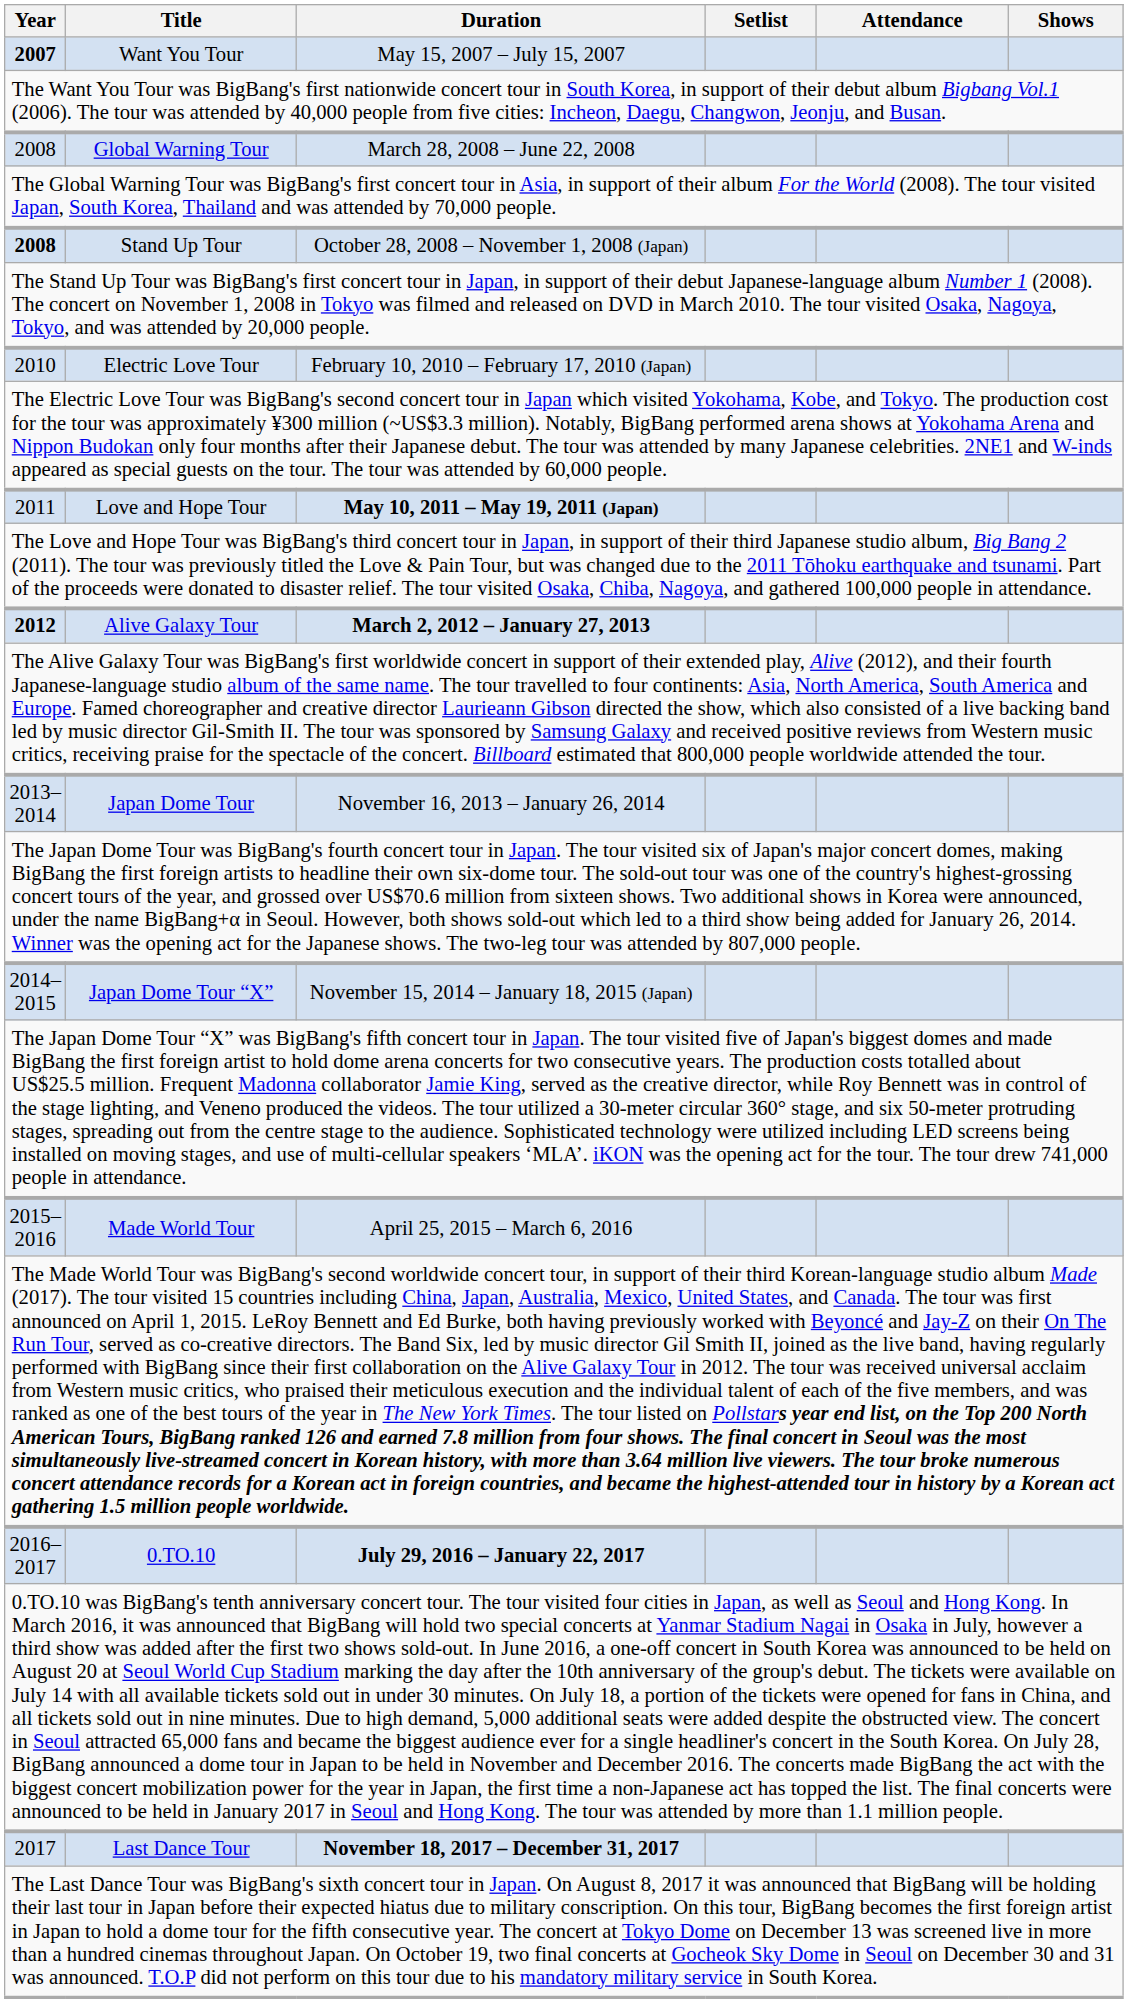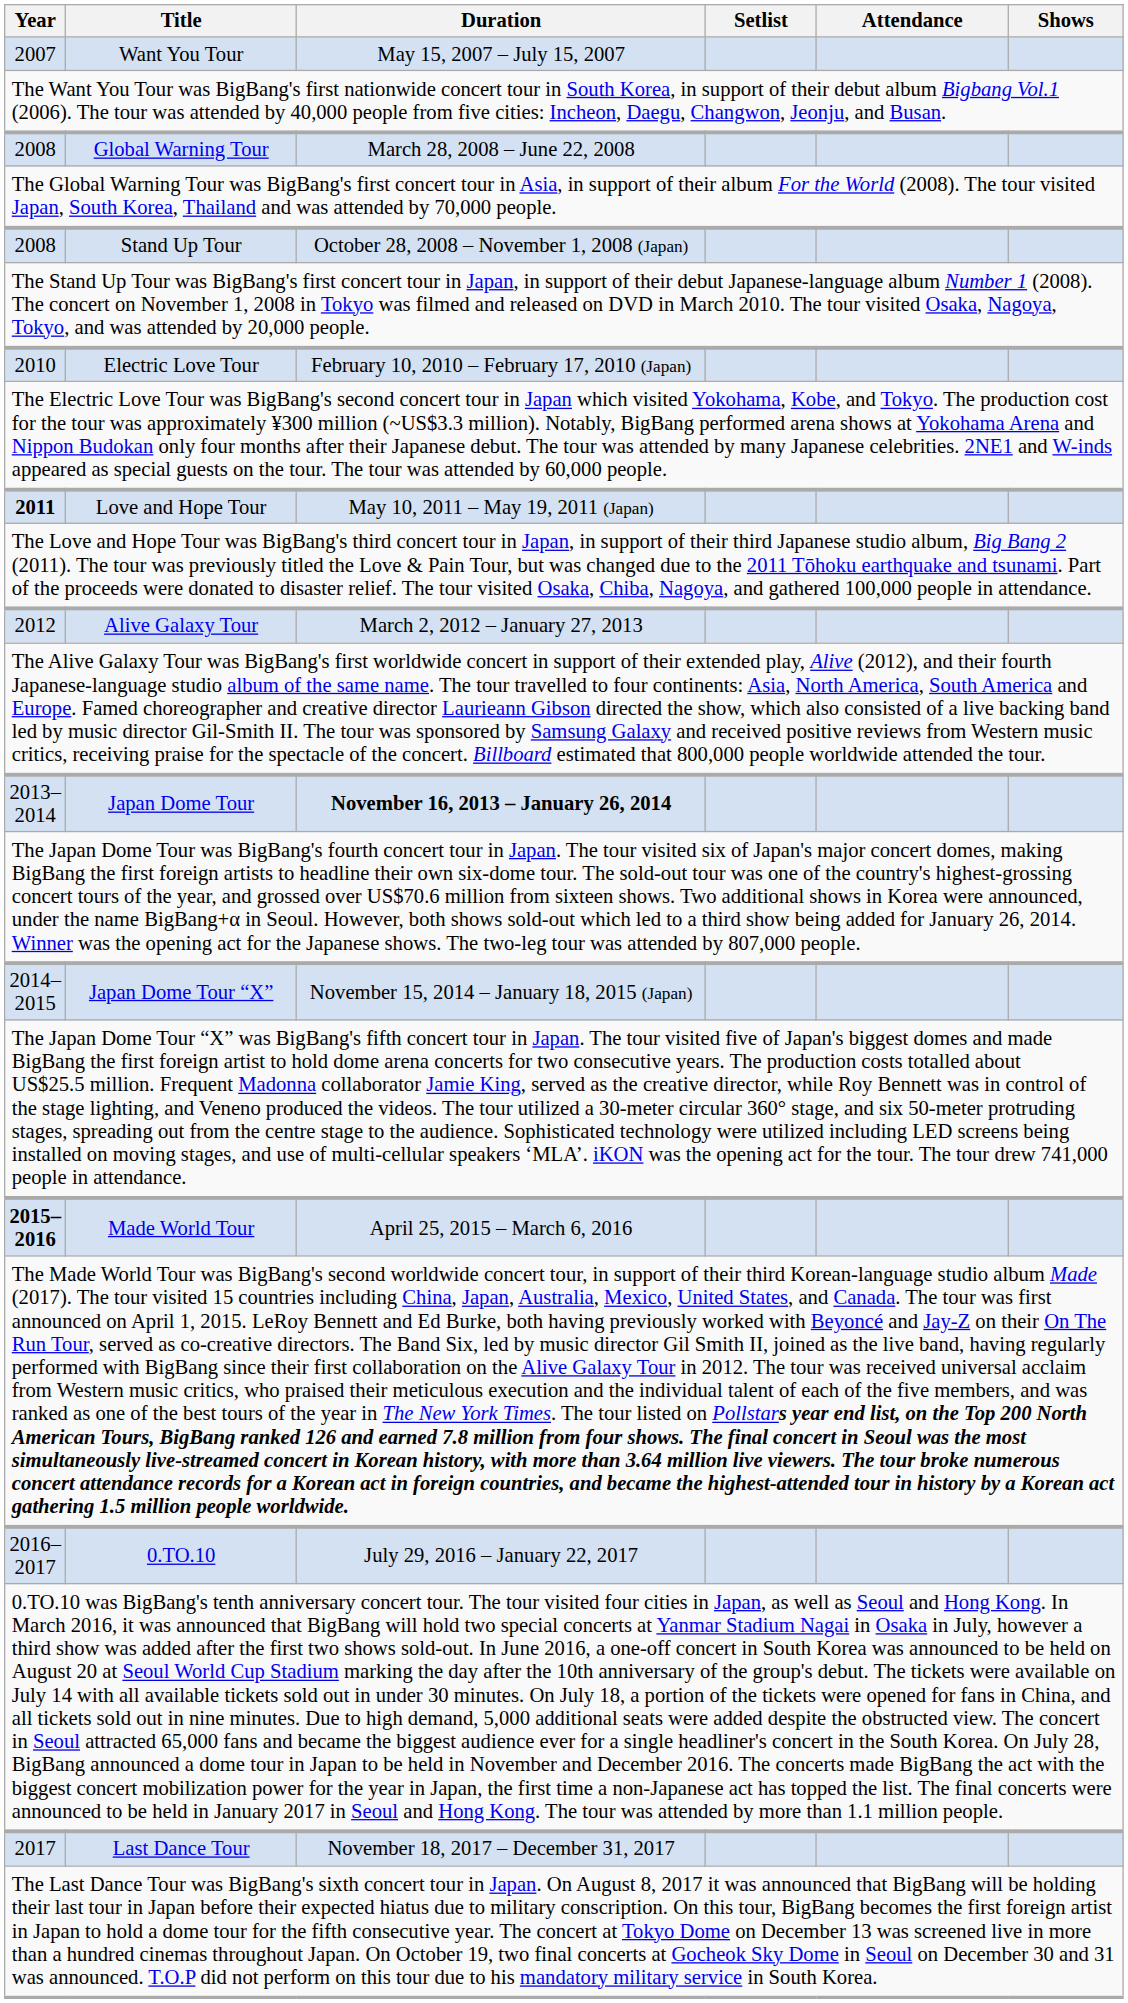 <table class="wikitable">
 <tr>
 <th>Year</th>
 <th>Title</th>
 <th>Duration</th>
 <th>Setlist</th>
 <th>Attendance</th>
 <th>Shows</th>
 </tr>
 <tr style="background:#d3e1f2;">
-<td style="background-color: #d3e1f2;" align="center" width=5><strong>2007</strong></td>
+<td style="background-color: #d3e1f2;" align="center" width=5>2007</td>
 <td style="background-color: #d3e1f2;" align="center">Want You Tour</td>
 <td style="background-color: #d3e1f2;" align="center">May 15, 2007 – July 15, 2007</td>
 <td style="background:#d3e1f2;"></td>
 <td style="background-color: #d3e1f2;" align="center"></td>
 <td style="background-color: #d3e1f2;"></td>
 </tr>
 <tr>
 <td colspan="6" style="border-bottom-width:3px; padding:5px;">The Want You Tour was BigBang's first nationwide concert tour in <a href='#'>South Korea</a>, in support of their debut album <em><a href='#'>Bigbang Vol.1</a></em> (2006). The tour was attended by 40,000 people from five cities: <a href='#'>Incheon</a>, <a href='#'>Daegu</a>, <a href='#'>Changwon</a>, <a href='#'>Jeonju</a>, and <a href='#'>Busan</a>.</td>
 </tr>
 <tr>
 <td style="background-color: #d3e1f2;" align="center" width=5>2008</td>
 <td style="background-color: #d3e1f2;" align="center"><a href='#'>Global Warning Tour</a></td>
 <td style="background-color: #d3e1f2;" align="center">March 28, 2008 – June 22, 2008</td>
 <td style="background:#d3e1f2;"></td>
 <td style="background-color: #d3e1f2;" align="center"></td>
 <td style="background-color: #d3e1f2;"></td>
 </tr>
 <tr>
 <td colspan="6" style="border-bottom-width:3px; padding:5px;">The Global Warning Tour was BigBang's first concert tour in <a href='#'>Asia</a>, in support of their album <em><a href='#'>For the World</a></em> (2008). The tour visited <a href='#'>Japan</a>, <a href='#'>South Korea</a>, <a href='#'>Thailand</a> and was attended by 70,000 people.</td>
 </tr>
 <tr>
-<td style="background-color: #d3e1f2;" align="center" width=5><strong>2008</strong></td>
+<td style="background-color: #d3e1f2;" align="center" width=5>2008</td>
 <td style="background-color: #d3e1f2;" align="center">Stand Up Tour</td>
 <td style="background-color: #d3e1f2;" align="center">October 28, 2008 – November 1, 2008 <small>(Japan)</small></td>
 <td style="background:#d3e1f2;"></td>
 <td style="background-color: #d3e1f2;" align="center"></td>
 <td style="background-color: #d3e1f2;"></td>
 </tr>
 <tr>
 <td colspan="6" style="border-bottom-width:3px; padding:5px;">The Stand Up Tour was BigBang's first concert tour in <a href='#'>Japan</a>, in support of their debut Japanese-language album <em><a href='#'>Number 1</a></em> (2008). The concert on November 1, 2008 in <a href='#'>Tokyo</a> was filmed and released on DVD in March 2010. The tour visited <a href='#'>Osaka</a>, <a href='#'>Nagoya</a>, <a href='#'>Tokyo</a>, and was attended by 20,000 people.</td>
 </tr>
 <tr>
 <td style="background-color: #d3e1f2;" align="center" width=5>2010</td>
 <td style="background-color: #d3e1f2;" align="center">Electric Love Tour</td>
 <td style="background-color: #d3e1f2;" align="center">February 10, 2010 – February 17, 2010 <small>(Japan)</small></td>
 <td style="background:#d3e1f2;"></td>
 <td style="background-color: #d3e1f2;" align="center"></td>
 <td style="background-color: #d3e1f2;"></td>
 </tr>
 <tr>
 <td colspan="6" style="border-bottom-width:3px; padding:5px;">The Electric Love Tour was BigBang's second concert tour in <a href='#'>Japan</a> which visited <a href='#'>Yokohama</a>, <a href='#'>Kobe</a>, and <a href='#'>Tokyo</a>. The production cost for the tour was approximately ¥300 million (~US$3.3 million). Notably, BigBang performed arena shows at <a href='#'>Yokohama Arena</a> and <a href='#'>Nippon Budokan</a> only four months after their Japanese debut. The tour was attended by many Japanese celebrities. <a href='#'>2NE1</a> and <a href='#'>W-inds</a> appeared as special guests on the tour. The tour was attended by 60,000 people.</td>
 </tr>
 <tr>
-<td style="background-color: #d3e1f2;" align="center" width=5>2011</td>
+<td style="background-color: #d3e1f2;" align="center" width=5><strong>2011</strong></td>
 <td style="background-color: #d3e1f2;" align="center">Love and Hope Tour</td>
-<td style="background-color: #d3e1f2;" align="center"><strong>May 10, 2011 – May 19, 2011 <small>(Japan)</small></strong></td>
+<td style="background-color: #d3e1f2;" align="center">May 10, 2011 – May 19, 2011 <small>(Japan)</small></td>
 <td style="background:#d3e1f2;"></td>
 <td style="background-color: #d3e1f2;" align="center"></td>
 <td style="background-color: #d3e1f2;"></td>
 </tr>
 <tr>
 <td colspan="6" style="border-bottom-width:3px; padding:5px;">The Love and Hope Tour was BigBang's third concert tour in <a href='#'>Japan</a>, in support of their third Japanese studio album, <em><a href='#'>Big Bang 2</a></em> (2011). The tour was previously titled the Love & Pain Tour, but was changed due to the <a href='#'>2011 Tōhoku earthquake and tsunami</a>. Part of the proceeds were donated to disaster relief. The tour visited <a href='#'>Osaka</a>, <a href='#'>Chiba</a>, <a href='#'>Nagoya</a>, and gathered 100,000 people in attendance.</td>
 </tr>
 <tr>
-<td style="background-color: #d3e1f2;" align="center" width=5><strong>2012</strong></td>
+<td style="background-color: #d3e1f2;" align="center" width=5>2012</td>
 <td style="background-color: #d3e1f2;" align="center"><a href='#'>Alive Galaxy Tour</a></td>
-<td style="background-color: #d3e1f2;" align="center"><strong>March 2, 2012 – January 27, 2013</strong></td>
+<td style="background-color: #d3e1f2;" align="center">March 2, 2012 – January 27, 2013</td>
 <td style="background:#d3e1f2;"></td>
 <td style="background-color: #d3e1f2;" align="center"></td>
 <td style="background-color: #d3e1f2;"></td>
 </tr>
 <tr>
 <td colspan="6" style="border-bottom-width:3px; padding:5px;">The Alive Galaxy Tour was BigBang's first worldwide concert in support of their extended play, <em><a href='#'>Alive</a></em> (2012), and their fourth Japanese-language studio <a href='#'>album of the same name</a>. The tour travelled to four continents: <a href='#'>Asia</a>, <a href='#'>North America</a>, <a href='#'>South America</a> and <a href='#'>Europe</a>. Famed choreographer and creative director <a href='#'>Laurieann Gibson</a> directed the show, which also consisted of a live backing band led by music director Gil-Smith II. The tour was sponsored by <a href='#'>Samsung Galaxy</a> and received positive reviews from Western music critics, receiving praise for the spectacle of the concert. <em><a href='#'>Billboard</a></em> estimated that 800,000 people worldwide attended the tour.</td>
 </tr>
 <tr>
 <td style="background-color: #d3e1f2;" align="center" width=5>2013–2014</td>
 <td style="background-color: #d3e1f2;" align="center"><a href='#'>Japan Dome Tour</a></td>
-<td style="background-color: #d3e1f2;" align="center">November 16, 2013 – January 26, 2014</td>
+<td style="background-color: #d3e1f2;" align="center"><strong>November 16, 2013 – January 26, 2014</strong></td>
 <td style="background:#d3e1f2;"></td>
 <td style="background-color: #d3e1f2;" align="center"></td>
 <td style="background-color: #d3e1f2;"></td>
 </tr>
 <tr>
 <td colspan="6" style="border-bottom-width:3px; padding:5px;">The Japan Dome Tour was BigBang's fourth concert tour in <a href='#'>Japan</a>. The tour visited six of Japan's major concert domes, making BigBang the first foreign artists to headline their own six-dome tour. The sold-out tour was one of the country's highest-grossing concert tours of the year, and grossed over US$70.6 million from sixteen shows. Two additional shows in Korea were announced, under the name BigBang+α in Seoul. However, both shows sold-out which led to a third show being added for January 26, 2014. <a href='#'>Winner</a> was the opening act for the Japanese shows. The two-leg tour was attended by 807,000 people.</td>
 </tr>
 <tr>
 <td style="background-color: #d3e1f2;" align="center" width=5>2014–2015</td>
 <td style="background-color: #d3e1f2;" align="center"><a href='#'>Japan Dome Tour “X”</a></td>
 <td style="background-color: #d3e1f2;" align="center">November 15, 2014 – January 18, 2015 <small>(Japan)</small></td>
 <td style="background:#d3e1f2;"></td>
 <td style="background-color: #d3e1f2;" align="center"></td>
 <td style="background-color: #d3e1f2;"></td>
 </tr>
 <tr>
 <td colspan="6" style="border-bottom-width:3px; padding:5px;">The Japan Dome Tour “X” was BigBang's fifth concert tour in <a href='#'>Japan</a>. The tour visited five of Japan's biggest domes and made BigBang the first foreign artist to hold dome arena concerts for two consecutive years. The production costs totalled about US$25.5 million. Frequent <a href='#'>Madonna</a> collaborator <a href='#'>Jamie King</a>, served as the creative director, while Roy Bennett was in control of the stage lighting, and Veneno produced the videos. The tour utilized a 30-meter circular 360° stage, and six 50-meter protruding stages, spreading out from the centre stage to the audience. Sophisticated technology were utilized including LED screens being installed on moving stages, and use of multi-cellular speakers ‘MLA’. <a href='#'>iKON</a> was the opening act for the tour. The tour drew 741,000 people in attendance.</td>
 </tr>
 <tr>
-<td style="background-color: #d3e1f2;" align="center" width=5>2015–2016</td>
+<td style="background-color: #d3e1f2;" align="center" width=5><strong>2015–2016</strong></td>
 <td style="background-color: #d3e1f2;" align="center"><a href='#'>Made World Tour</a></td>
 <td style="background-color: #d3e1f2;" align="center">April 25, 2015 – March 6, 2016</td>
 <td style="background:#d3e1f2;"></td>
 <td style="background-color: #d3e1f2;" align="center"></td>
 <td style="background-color: #d3e1f2;"></td>
 </tr>
 <tr>
 <td colspan="6" style="border-bottom-width:3px; padding:5px;">The Made World Tour was BigBang's second worldwide concert tour, in support of their third Korean-language studio album <em><a href='#'>Made</a></em> (2017). The tour visited 15 countries including <a href='#'>China</a>, <a href='#'>Japan</a>, <a href='#'>Australia</a>, <a href='#'>Mexico</a>, <a href='#'>United States</a>, and <a href='#'>Canada</a>. The tour was first announced on April 1, 2015. LeRoy Bennett and Ed Burke, both having previously worked with <a href='#'>Beyoncé</a> and <a href='#'>Jay-Z</a> on their <a href='#'>On The Run Tour</a>, served as co-creative directors. The Band Six, led by music director Gil Smith II, joined as the live band, having regularly performed with BigBang since their first collaboration on the <a href='#'>Alive Galaxy Tour</a> in 2012. The tour was received universal acclaim from Western music critics, who praised their meticulous execution and the individual talent of each of the five members, and was ranked as one of the best tours of the year in <em><a href='#'>The New York Times</a></em>. The tour listed on <em><a href='#'>Pollstar</a><strong>s year end list, on the Top 200 North American Tours, BigBang ranked 126 and earned 7.8 million from four shows. The final concert in Seoul was the most simultaneously live-streamed concert in Korean history, with more than 3.64 million live viewers. The tour broke numerous concert attendance records for a Korean act in foreign countries, and became the highest-attended tour in history by a Korean act gathering 1.5 million people worldwide.</td>
 </tr>
 <tr>
 <td style="background-color: #d3e1f2;" align="center" width=5>2016–2017</td>
 <td style="background-color: #d3e1f2;" align="center"><a href='#'>0.TO.10</a></td>
-<td style="background-color: #d3e1f2;" align="center"><strong>July 29, 2016 – January 22, 2017</strong></td>
+<td style="background-color: #d3e1f2;" align="center">July 29, 2016 – January 22, 2017</td>
 <td style="background:#d3e1f2;"></td>
 <td style="background-color: #d3e1f2;" align="center"></td>
 <td style="background-color: #d3e1f2;"></td>
 </tr>
 <tr>
 <td colspan="6" style="border-bottom-width:3px; padding:5px;">0.TO.10 was BigBang's tenth anniversary concert tour. The tour visited four cities in <a href='#'>Japan</a>,  as well as <a href='#'>Seoul</a> and <a href='#'>Hong Kong</a>. In March 2016, it was announced that BigBang will hold two special concerts at <a href='#'>Yanmar Stadium Nagai</a> in <a href='#'>Osaka</a> in July, however a third show was added after the first two shows sold-out. In June 2016, a one-off concert in South Korea was announced to be held on August 20 at <a href='#'>Seoul World Cup Stadium</a> marking the day after the 10th anniversary of the group's debut. The tickets were available on July 14 with all available tickets sold out in under 30 minutes. On July 18, a portion of the tickets were opened for fans in China, and all tickets sold out in nine minutes. Due to high demand, 5,000 additional seats were added despite the obstructed view. The concert in <a href='#'>Seoul</a> attracted 65,000 fans and became the biggest audience ever for a single headliner's concert in the South Korea. On July 28, BigBang announced a dome tour in Japan to be held in November and December 2016. The concerts made BigBang the act with the biggest concert mobilization power for the year in Japan, the first time a non-Japanese act has topped the list. The final concerts were announced to be held in January 2017 in <a href='#'>Seoul</a> and <a href='#'>Hong Kong</a>. The tour was attended by more than 1.1 million people.</td>
 </tr>
 <tr>
 <td style="background-color: #d3e1f2;" align="center" width=5>2017</td>
 <td style="background-color: #d3e1f2;" align="center"><a href='#'>Last Dance Tour</a></td>
-<td style="background-color: #d3e1f2;" align="center"><strong>November 18, 2017 – December 31, 2017</strong></td>
+<td style="background-color: #d3e1f2;" align="center">November 18, 2017 – December 31, 2017</td>
 <td style="background:#d3e1f2;"></td>
 <td style="background-color: #d3e1f2;" align="center"></td>
 <td style="background-color: #d3e1f2;"></td>
 </tr>
 <tr>
 <td colspan="6" style="border-bottom-width:3px; padding:5px;">The Last Dance Tour was BigBang's sixth concert tour in <a href='#'>Japan</a>. On August 8, 2017 it was announced that BigBang will be holding their last tour in Japan before their expected hiatus due to military conscription. On this tour, BigBang becomes the first foreign artist in Japan to hold a dome tour for the fifth consecutive year. The concert at <a href='#'>Tokyo Dome</a> on December 13 was screened live in more than a hundred cinemas throughout Japan. On October 19, two final concerts at <a href='#'>Gocheok Sky Dome</a> in <a href='#'>Seoul</a> on December 30 and 31 was announced. <a href='#'>T.O.P</a> did not perform on this tour due to his <a href='#'>mandatory military service</a> in South Korea.</td>
 </tr>
 </table>
